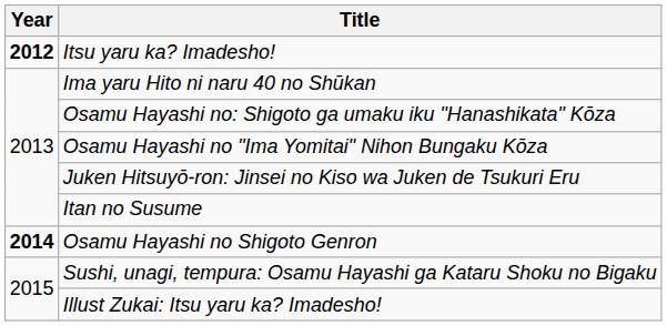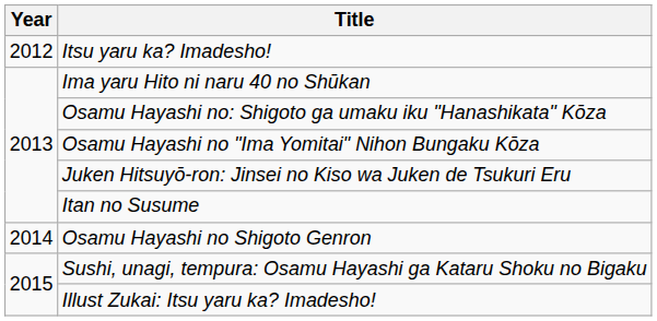 <table class="wikitable">
 <tr>
 <th>Year</th>
 <th>Title</th>
 </tr>
 <tr>
-<td><strong>2012</strong></td>
+<td>2012</td>
 <td><em>Itsu yaru ka? Imadesho!</em></td>
 </tr>
 <tr>
 <td rowspan="5">2013</td>
 <td><em>Ima yaru Hito ni naru 40 no Shūkan</em></td>
 </tr>
 <tr>
 <td><em>Osamu Hayashi no: Shigoto ga umaku iku "Hanashikata" Kōza</em></td>
 </tr>
 <tr>
 <td><em>Osamu Hayashi no "Ima Yomitai" Nihon Bungaku Kōza</em></td>
 </tr>
 <tr>
 <td><em>Juken Hitsuyō-ron: Jinsei no Kiso wa Juken de Tsukuri Eru</em></td>
 </tr>
 <tr>
 <td><em>Itan no Susume</em></td>
 </tr>
 <tr>
-<td><strong>2014</strong></td>
+<td>2014</td>
 <td><em>Osamu Hayashi no Shigoto Genron</em></td>
 </tr>
 <tr>
 <td rowspan="2">2015</td>
 <td><em>Sushi, unagi, tempura: Osamu Hayashi ga Kataru Shoku no Bigaku</em></td>
 </tr>
 <tr>
 <td><em>Illust Zukai: Itsu yaru ka? Imadesho!</em></td>
 </tr>
 </table>
